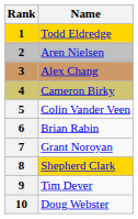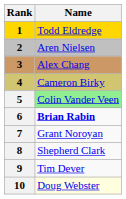 <table class="wikitable">
 <tr>
 <th>Rank</th>
 <th>Name</th>
 </tr>
 <tr bgcolor="gold">
 <td align="center"><strong>1</strong></td>
 <td><a href='#'>Todd Eldredge</a></td>
 </tr>
 <tr bgcolor="silver">
 <td align="center"><strong>2</strong></td>
 <td><a href='#'>Aren Nielsen</a></td>
 </tr>
 <tr bgcolor="cc9966">
 <td align="center"><strong>3</strong></td>
 <td><a href='#'>Alex Chang</a></td>
 </tr>
 <tr bgcolor="#d1c571">
 <td align="center"><strong>4</strong></td>
 <td><a href='#'>Cameron Birky</a></td>
 </tr>
 <tr>
 <th>5</th>
-<td><a href='#'>Colin Vander Veen</a></td>
+<td style="background: lightgreen;"><a href='#'>Colin Vander Veen</a></td>
 </tr>
 <tr>
 <th>6</th>
-<td><a href='#'>Brian Rabin</a></td>
+<td><strong><a href='#'>Brian Rabin</a></strong></td>
 </tr>
 <tr>
 <th>7</th>
 <td><a href='#'>Grant Noroyan</a></td>
 </tr>
 <tr>
 <th>8</th>
-<td style="background: gold;"><a href='#'>Shepherd Clark</a></td>
+<td><a href='#'>Shepherd Clark</a></td>
 </tr>
 <tr>
 <th>9</th>
 <td><a href='#'>Tim Dever</a></td>
 </tr>
 <tr>
 <th>10</th>
-<td><a href='#'>Doug Webster</a></td>
+<td style="background: lightyellow;"><a href='#'>Doug Webster</a></td>
 </tr>
 </table>
